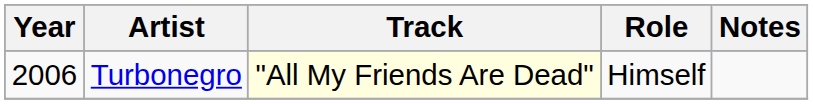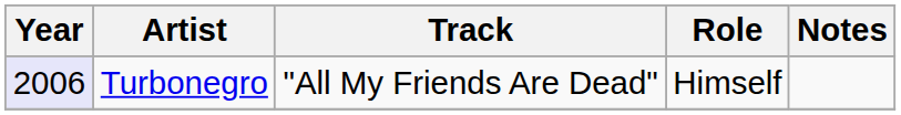 <table class="wikitable">
 <tr>
 <th>Year</th>
 <th>Artist</th>
 <th>Track</th>
 <th>Role</th>
 <th>Notes</th>
 </tr>
 <tr>
-<td>2006</td>
+<td style="background: lavender;">2006</td>
 <td><a href='#'>Turbonegro</a></td>
-<td style="background: lightyellow;">"All My Friends Are Dead"</td>
+<td>"All My Friends Are Dead"</td>
 <td>Himself</td>
 <td></td>
 </tr>
 <tr>
 </tr>
 </table>
